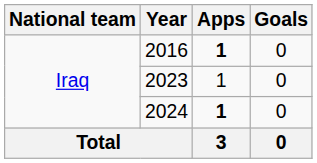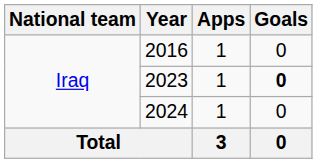 <table class=wikitable style=text-align:center>
 <tr>
 <th>National team</th>
 <th>Year</th>
 <th>Apps</th>
 <th>Goals</th>
 </tr>
 <tr>
 <td rowspan="3"><a href='#'>Iraq</a></td>
 <td>2016</td>
-<td><strong>1</strong></td>
+<td>1</td>
 <td>0</td>
 </tr>
 <tr>
 <td>2023</td>
 <td>1</td>
-<td>0</td>
+<td><strong>0</strong></td>
 </tr>
 <tr>
 <td>2024</td>
-<td><strong>1</strong></td>
+<td>1</td>
 <td>0</td>
 </tr>
 <tr>
 <th colspan="2">Total</th>
 <th>3</th>
 <th>0</th>
 </tr>
 </table>
